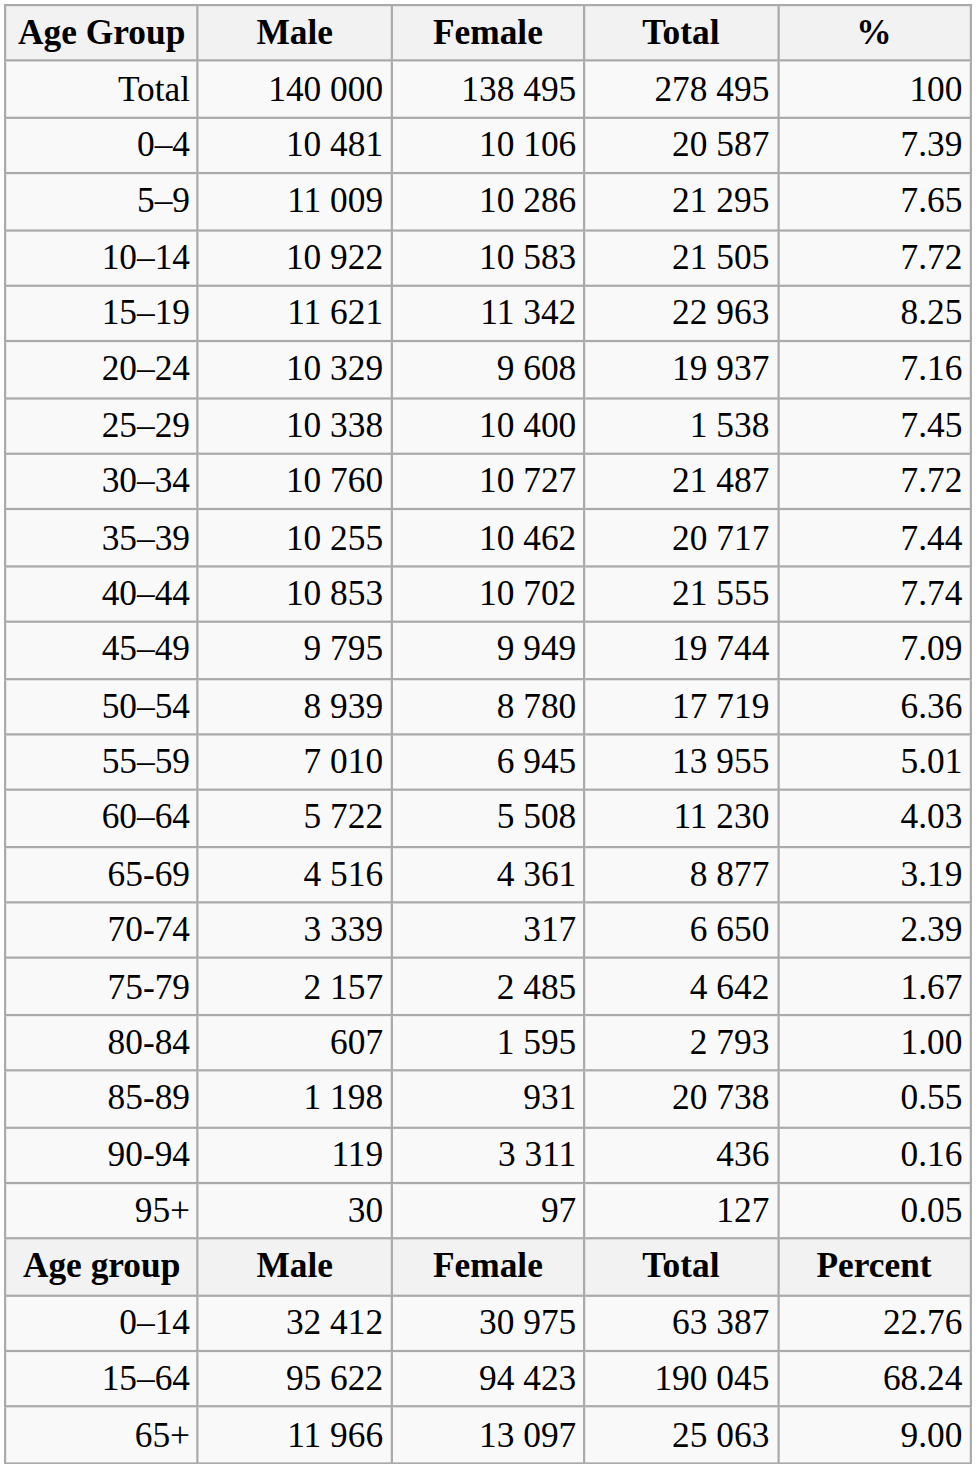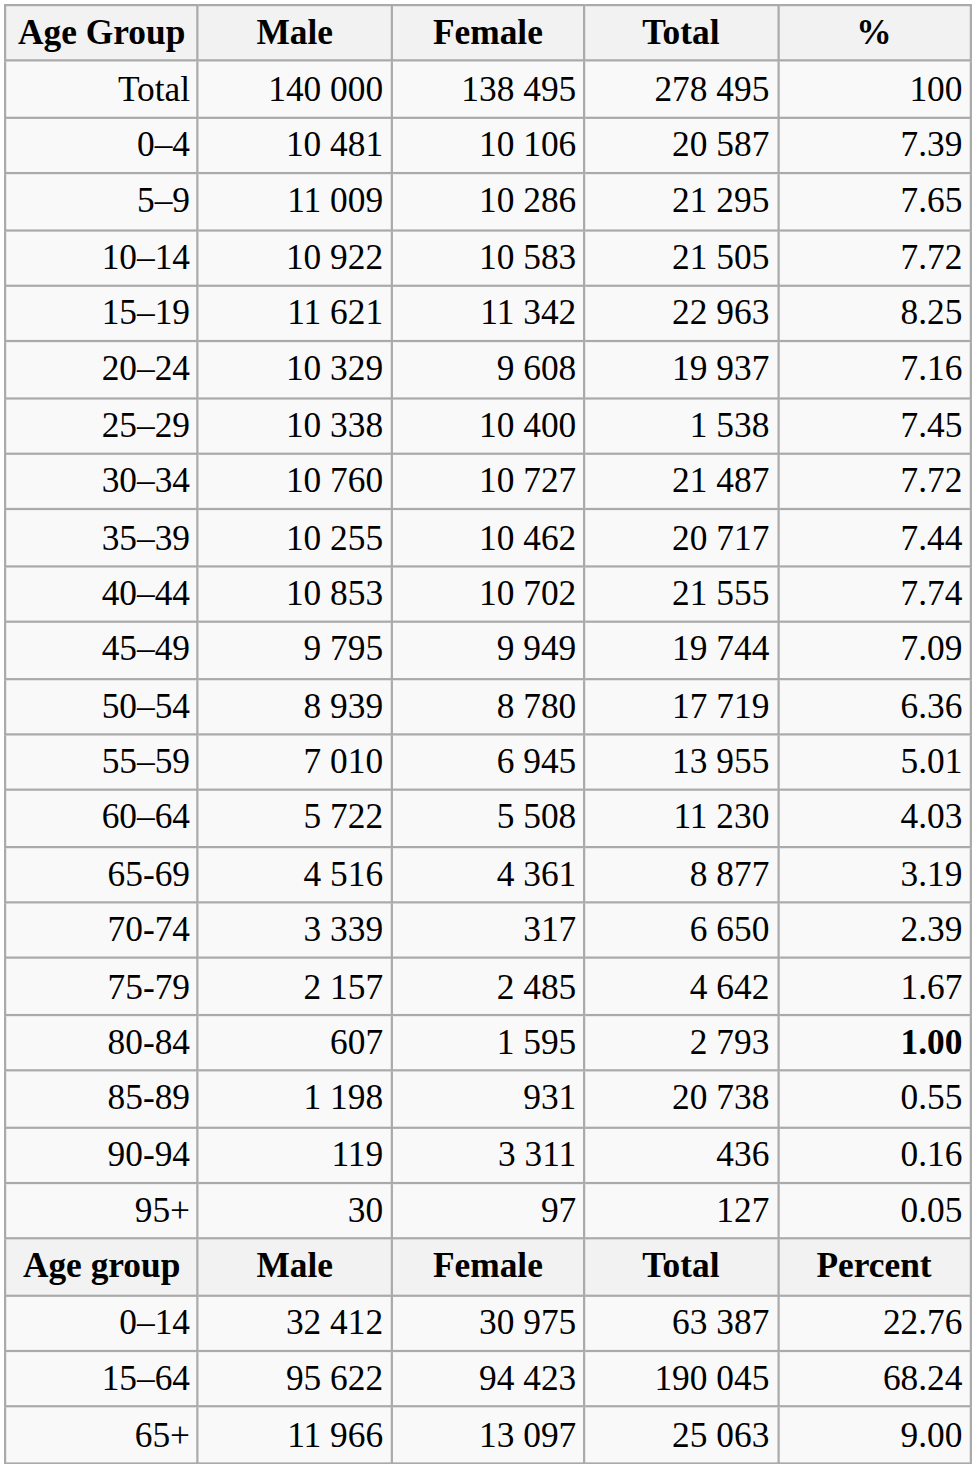 <table class="wikitable">
 <tr>
 <th width="80pt">Age Group</th>
 <th width="80pt">Male</th>
 <th width="80pt">Female</th>
 <th width="80pt">Total</th>
 <th width="80pt">%</th>
 </tr>
 <tr>
 <td align="right">Total</td>
 <td align="right">140 000</td>
 <td align="right">138 495</td>
 <td align="right">278 495</td>
 <td align="right">100</td>
 </tr>
 <tr>
 <td align="right">0–4</td>
 <td align="right">10 481</td>
 <td align="right">10 106</td>
 <td align="right">20 587</td>
 <td align="right">7.39</td>
 </tr>
 <tr>
 <td align="right">5–9</td>
 <td align="right">11 009</td>
 <td align="right">10 286</td>
 <td align="right">21 295</td>
 <td align="right">7.65</td>
 </tr>
 <tr>
 <td align="right">10–14</td>
 <td align="right">10 922</td>
 <td align="right">10 583</td>
 <td align="right">21 505</td>
 <td align="right">7.72</td>
 </tr>
 <tr>
 <td align="right">15–19</td>
 <td align="right">11 621</td>
 <td align="right">11 342</td>
 <td align="right">22 963</td>
 <td align="right">8.25</td>
 </tr>
 <tr>
 <td align="right">20–24</td>
 <td align="right">10 329</td>
 <td align="right">9 608</td>
 <td align="right">19 937</td>
 <td align="right">7.16</td>
 </tr>
 <tr>
 <td align="right">25–29</td>
 <td align="right">10 338</td>
 <td align="right">10 400</td>
 <td align="right">1 538</td>
 <td align="right">7.45</td>
 </tr>
 <tr>
 <td align="right">30–34</td>
 <td align="right">10 760</td>
 <td align="right">10 727</td>
 <td align="right">21 487</td>
 <td align="right">7.72</td>
 </tr>
 <tr>
 <td align="right">35–39</td>
 <td align="right">10 255</td>
 <td align="right">10 462</td>
 <td align="right">20 717</td>
 <td align="right">7.44</td>
 </tr>
 <tr>
 <td align="right">40–44</td>
 <td align="right">10 853</td>
 <td align="right">10 702</td>
 <td align="right">21 555</td>
 <td align="right">7.74</td>
 </tr>
 <tr>
 <td align="right">45–49</td>
 <td align="right">9 795</td>
 <td align="right">9 949</td>
 <td align="right">19 744</td>
 <td align="right">7.09</td>
 </tr>
 <tr>
 <td align="right">50–54</td>
 <td align="right">8 939</td>
 <td align="right">8 780</td>
 <td align="right">17 719</td>
 <td align="right">6.36</td>
 </tr>
 <tr>
 <td align="right">55–59</td>
 <td align="right">7 010</td>
 <td align="right">6 945</td>
 <td align="right">13 955</td>
 <td align="right">5.01</td>
 </tr>
 <tr>
 <td align="right">60–64</td>
 <td align="right">5 722</td>
 <td align="right">5 508</td>
 <td align="right">11 230</td>
 <td align="right">4.03</td>
 </tr>
 <tr>
 <td align="right">65-69</td>
 <td align="right">4 516</td>
 <td align="right">4 361</td>
 <td align="right">8 877</td>
 <td align="right">3.19</td>
 </tr>
 <tr>
 <td align="right">70-74</td>
 <td align="right">3 339</td>
 <td align="right">317</td>
 <td align="right">6 650</td>
 <td align="right">2.39</td>
 </tr>
 <tr>
 <td align="right">75-79</td>
 <td align="right">2 157</td>
 <td align="right">2 485</td>
 <td align="right">4 642</td>
 <td align="right">1.67</td>
 </tr>
 <tr>
 <td align="right">80-84</td>
 <td align="right">607</td>
 <td align="right">1 595</td>
 <td align="right">2 793</td>
-<td align="right">1.00</td>
+<td align="right"><strong>1.00</strong></td>
 </tr>
 <tr>
 <td align="right">85-89</td>
 <td align="right">1 198</td>
 <td align="right">931</td>
 <td align="right">20 738</td>
 <td align="right">0.55</td>
 </tr>
 <tr>
 <td align="right">90-94</td>
 <td align="right">119</td>
 <td align="right">3 311</td>
 <td align="right">436</td>
 <td align="right">0.16</td>
 </tr>
 <tr>
 <td align="right">95+</td>
 <td align="right">30</td>
 <td align="right">97</td>
 <td align="right">127</td>
 <td align="right">0.05</td>
 </tr>
 <tr>
 <th width="50">Age group</th>
 <th width="80pt">Male</th>
 <th width="80">Female</th>
 <th width="80">Total</th>
 <th width="50">Percent</th>
 </tr>
 <tr>
 <td align="right">0–14</td>
 <td align="right">32 412</td>
 <td align="right">30 975</td>
 <td align="right">63 387</td>
 <td align="right">22.76</td>
 </tr>
 <tr>
 <td align="right">15–64</td>
 <td align="right">95 622</td>
 <td align="right">94 423</td>
 <td align="right">190 045</td>
 <td align="right">68.24</td>
 </tr>
 <tr>
 <td align="right">65+</td>
 <td align="right">11 966</td>
 <td align="right">13 097</td>
 <td align="right">25 063</td>
 <td align="right">9.00</td>
 </tr>
 <tr>
 </tr>
 </table>
